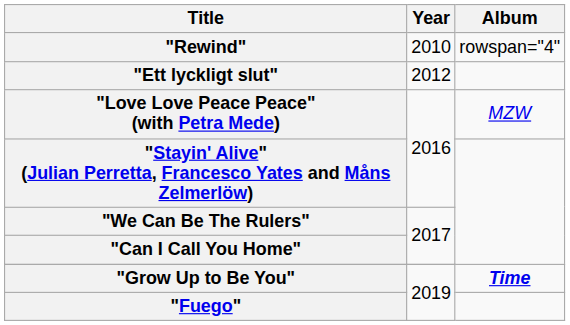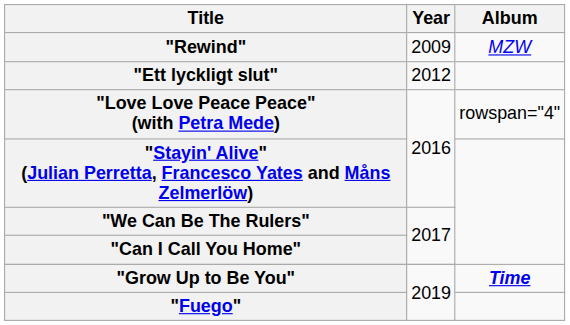 <table class="wikitable plainrowheaders" style="text-align:center;">
 <tr>
 <th scope="col" style="width:22em;">Title</th>
 <th scope="col" style="width:1em;">Year</th>
 <th scope="col">Album</th>
 </tr>
 <tr>
 <th scope="row">"Rewind"</th>
-<td>2010</td>
-<td>rowspan="4" </td>
+<td>2009</td>
+<td><em><a href='#'>MZW</a></em></td>
 </tr>
 <tr>
 <th scope="row">"Ett lyckligt slut"</th>
 <td>2012</td>
 <td></td>
 </tr>
 <tr>
 <th scope="row">"Love Love Peace Peace"<br><span>(with <a href='#'>Petra Mede</a>)</span></th>
 <td rowspan="2">2016</td>
-<td><em><a href='#'>MZW</a></em></td>
+<td>rowspan="4" </td>
 </tr>
 <tr>
 <th scope="row">"<a href='#'>Stayin' Alive</a>"<br><span>(<a href='#'>Julian Perretta</a>, <a href='#'>Francesco Yates</a> and <a href='#'>Måns Zelmerlöw</a>)</span></th>
 </tr>
 <tr>
 <th scope="row">"We Can Be The Rulers"</th>
 <td rowspan="2">2017</td>
 </tr>
 <tr>
 <th scope="row">"Can I Call You Home"</th>
 </tr>
 <tr>
 </tr>
 <tr>
 <th scope="row">"Grow Up to Be You"</th>
 <td rowspan="2">2019</td>
 <td><strong><em><a href='#'>Time</a></em></strong></td>
 </tr>
 <tr>
 <th scope="row">"<a href='#'>Fuego</a>"</th>
 <td></td>
 </tr>
 </table>
